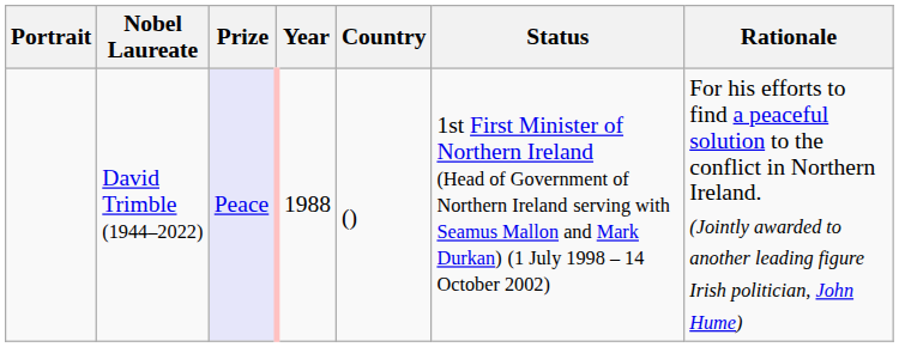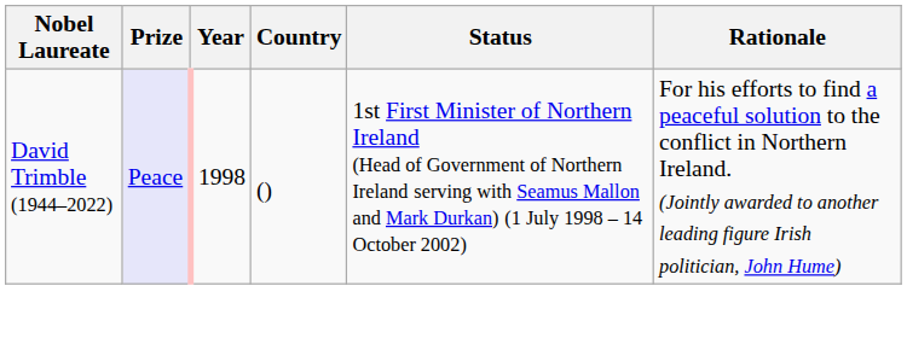 <table class="wikitable sortable sticky-header defaultleft col1center col2center static-row-numbers static-row-header-hash static-row-header-center">
 <tr>
-<th class="unsortable" style="align:center;">Portrait</th>
 <th>Nobel Laureate</th>
 <th>Prize<br></th>
 <th>Year<br></th>
 <th>Country</th>
 <th>Status</th>
 <th class="unsortable">Rationale</th>
 </tr>
 <tr>
-<td></td>
 <td><a href='#'>David Trimble</a><br><small>(1944–2022)</small></td>
 <td style="background: lavender;"><a href='#'>Peace</a></td>
-<td style="border-left: 4px solid #FFC1C1;">1988</td>
+<td style="border-left: 4px solid #FFC1C1;">1998</td>
 <td><br>()</td>
 <td>1st <a href='#'>First Minister of Northern Ireland</a><br><small>(Head of Government of Northern Ireland</small> <small>serving with <a href='#'>Seamus Mallon</a> and <a href='#'>Mark Durkan</a>)</small> <small>(1 July 1998 – 14 October 2002)</small></td>
 <td>For his efforts to find <a href='#'>a peaceful solution</a> to the conflict in Northern Ireland.<br><em><sub>(Jointly awarded to another leading figure Irish politician, <a href='#'>John Hume</a>)</sub></em></td>
 </tr>
 </table>
